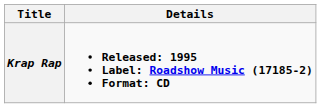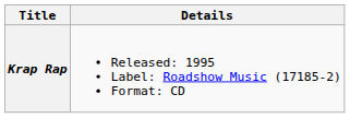 <table class="wikitable plainrowheaders">
 <tr>
 <th>Title</th>
 <th>Details</th>
 </tr>
 <tr>
 <th scope="row"><em>Krap Rap</em></th>
-<td><strong><br><ul><li>Released: 1995</li><li>Label: <a href='#'>Roadshow Music</a> (17185-2)</li><li>Format: CD</li></ul></strong></td>
+<td><br><ul><li>Released: 1995</li><li>Label: <a href='#'>Roadshow Music</a> (17185-2)</li><li>Format: CD</li></ul></td>
 </tr>
 </table>
